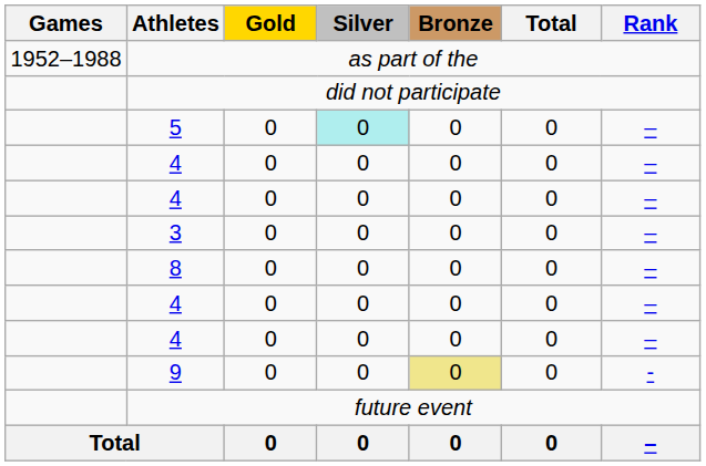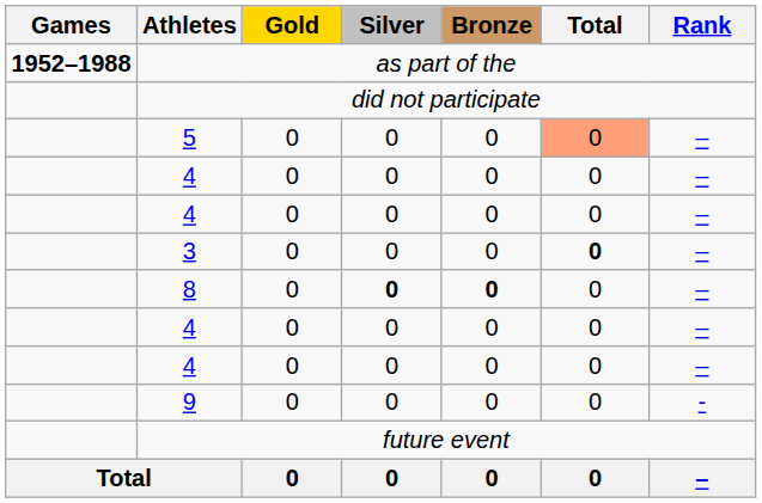 <table class="wikitable" style="text-align:center; font-size:90%;">
 <tr>
 <th>Games</th>
 <th>Athletes</th>
 <td style="background:gold; width:3.7em; font-weight:bold;">Gold</td>
 <td style="background:silver; width:3.7em; font-weight:bold;">Silver</td>
 <td style="background:#cc9966; width:3.7em; font-weight:bold;">Bronze</td>
 <th style="width:4em; font-weight:bold;">Total</th>
 <th style="width:4em; font-weight:bold;"><a href='#'>Rank</a></th>
 </tr>
 <tr>
-<td align=left>1952–1988</td>
+<td align=left><strong>1952–1988</strong></td>
 <td colspan=6><em>as part of the </em></td>
 </tr>
 <tr>
 <td align=left></td>
 <td colspan=6><em>did not participate</em></td>
 </tr>
 <tr>
 <td align=left></td>
 <td><a href='#'>5</a></td>
 <td>0</td>
-<td style="background: paleturquoise;">0</td>
 <td>0</td>
 <td>0</td>
+<td style="background: lightsalmon;">0</td>
 <td><a href='#'>–</a></td>
 </tr>
 <tr>
 <td align=left></td>
 <td><a href='#'>4</a></td>
 <td>0</td>
 <td>0</td>
 <td>0</td>
 <td>0</td>
 <td><a href='#'>–</a></td>
 </tr>
 <tr>
 <td align=left></td>
 <td><a href='#'>4</a></td>
 <td>0</td>
 <td>0</td>
 <td>0</td>
 <td>0</td>
 <td><a href='#'>–</a></td>
 </tr>
 <tr>
 <td align=left></td>
 <td><a href='#'>3</a></td>
 <td>0</td>
 <td>0</td>
 <td>0</td>
-<td>0</td>
+<td><strong>0</strong></td>
 <td><a href='#'>–</a></td>
 </tr>
 <tr>
 <td align=left></td>
 <td><a href='#'>8</a></td>
 <td>0</td>
-<td>0</td>
-<td>0</td>
+<td><strong>0</strong></td>
+<td><strong>0</strong></td>
 <td>0</td>
 <td><a href='#'>–</a></td>
 </tr>
 <tr>
 <td align=left></td>
 <td><a href='#'>4</a></td>
 <td>0</td>
 <td>0</td>
 <td>0</td>
 <td>0</td>
 <td><a href='#'>–</a></td>
 </tr>
 <tr>
 <td align=left></td>
 <td><a href='#'>4</a></td>
 <td>0</td>
 <td>0</td>
 <td>0</td>
 <td>0</td>
 <td><a href='#'>–</a></td>
 </tr>
 <tr>
 <td align=left></td>
 <td><a href='#'>9</a></td>
 <td>0</td>
 <td>0</td>
-<td style="background: khaki;">0</td>
+<td>0</td>
 <td>0</td>
 <td><a href='#'>-</a></td>
 </tr>
 <tr>
 <td align=left></td>
 <td colspan=6><em>future event</em></td>
 </tr>
 <tr>
 <th colspan=2>Total</th>
 <th>0</th>
 <th>0</th>
 <th>0</th>
 <th>0</th>
 <th><a href='#'>–</a></th>
 </tr>
 </table>
